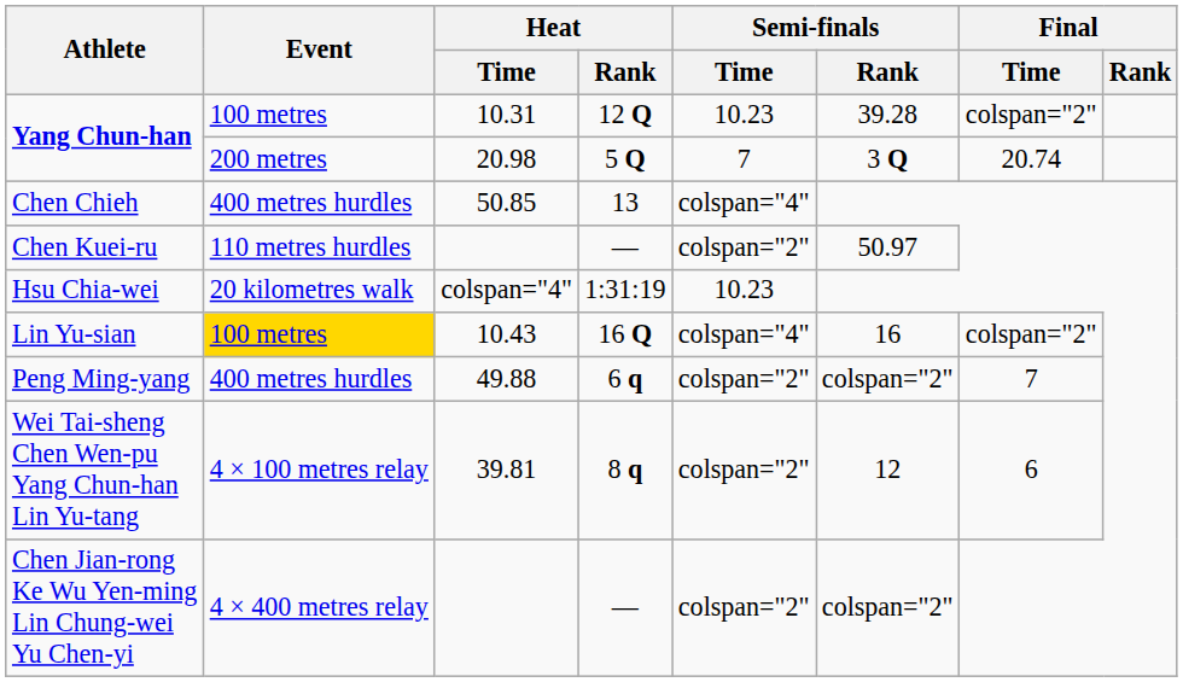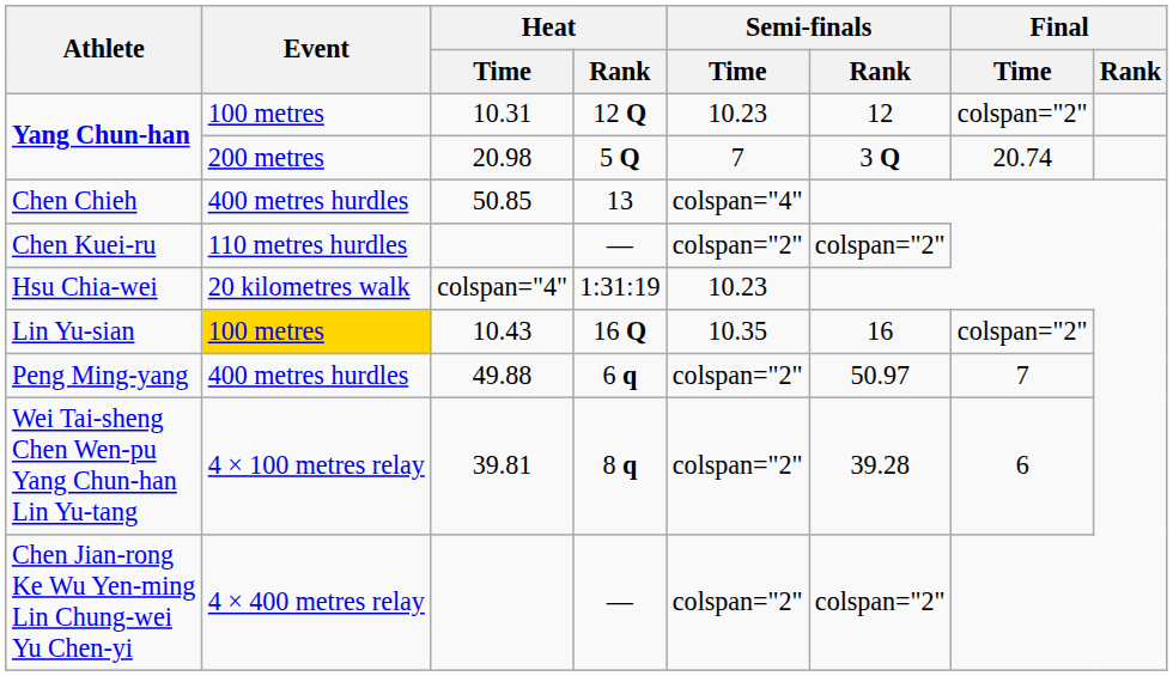 <table class="wikitable" style="font-size:90%; text-align:center">
 <tr>
 <th rowspan="2">Athlete</th>
 <th rowspan="2">Event</th>
 <th colspan="2">Heat</th>
 <th colspan="2">Semi-finals</th>
 <th colspan="2">Final</th>
 </tr>
 <tr>
 <th>Time</th>
 <th>Rank</th>
 <th>Time</th>
 <th>Rank</th>
 <th>Time</th>
 <th>Rank</th>
 </tr>
 <tr>
 <td align="left" rowspan="2"><strong><a href='#'>Yang Chun-han</a></strong></td>
 <td align="left"><a href='#'>100 metres</a></td>
 <td>10.31</td>
 <td>12 <strong>Q</strong></td>
 <td>10.23</td>
-<td>39.28</td>
+<td>12</td>
 <td>colspan="2" </td>
 </tr>
 <tr>
 <td align="left"><a href='#'>200 metres</a></td>
 <td>20.98</td>
 <td>5 <strong>Q</strong></td>
 <td>7</td>
 <td>3 <strong>Q</strong></td>
 <td>20.74</td>
 <td></td>
 </tr>
 <tr>
 <td align="left"><a href='#'>Chen Chieh</a></td>
 <td align="left"><a href='#'>400 metres hurdles</a></td>
 <td>50.85</td>
 <td>13</td>
 <td>colspan="4" </td>
 </tr>
 <tr>
 <td align="left"><a href='#'>Chen Kuei-ru</a></td>
 <td align="left"><a href='#'>110 metres hurdles</a></td>
 <td></td>
 <td>—</td>
 <td>colspan="2" </td>
-<td>50.97</td>
+<td>colspan="2" </td>
 </tr>
 <tr>
 <td align="left"><a href='#'>Hsu Chia-wei</a></td>
 <td align="left"><a href='#'>20 kilometres walk</a></td>
 <td>colspan="4" </td>
 <td>1:31:19</td>
 <td>10.23</td>
 </tr>
 <tr>
 <td align="left"><a href='#'>Lin Yu-sian</a></td>
 <td align="left" style="background: gold;"><a href='#'>100 metres</a></td>
 <td>10.43</td>
 <td>16 <strong>Q</strong></td>
-<td>colspan="4" </td>
+<td>10.35</td>
 <td>16</td>
 <td>colspan="2" </td>
 </tr>
 <tr>
 <td align="left"><a href='#'>Peng Ming-yang</a></td>
 <td align="left"><a href='#'>400 metres hurdles</a></td>
 <td>49.88</td>
 <td>6 <strong>q</strong></td>
 <td>colspan="2" </td>
-<td>colspan="2" </td>
+<td>50.97</td>
 <td>7</td>
 </tr>
 <tr>
 <td align="left"><a href='#'>Wei Tai-sheng</a><br><a href='#'>Chen Wen-pu</a><br><a href='#'>Yang Chun-han</a><br><a href='#'>Lin Yu-tang</a></td>
 <td align="left"><a href='#'>4 × 100 metres relay</a></td>
 <td>39.81</td>
 <td>8 <strong>q</strong></td>
 <td>colspan="2" </td>
-<td>12</td>
+<td>39.28</td>
 <td>6 <strong></strong></td>
 </tr>
 <tr>
 <td align="left"><a href='#'>Chen Jian-rong</a><br><a href='#'>Ke Wu Yen-ming</a><br><a href='#'>Lin Chung-wei</a><br><a href='#'>Yu Chen-yi</a></td>
 <td align="left"><a href='#'>4 × 400 metres relay</a></td>
 <td></td>
 <td>—</td>
 <td>colspan="2" </td>
 <td>colspan="2" </td>
 </tr>
 </table>
